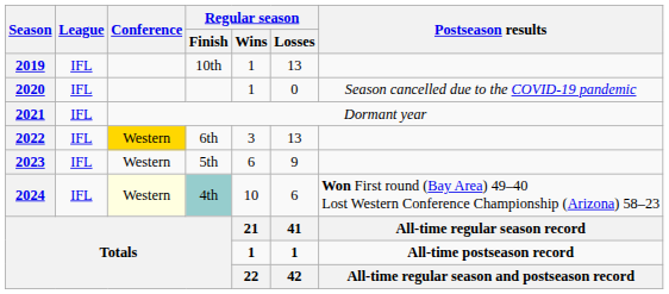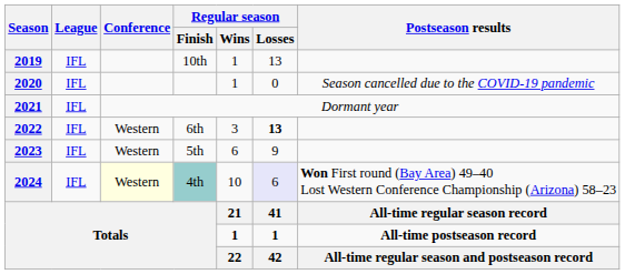 <table class="wikitable" style="text-align:center; font-size: 95%;">
 <tr>
 <th rowspan="2"><a href='#'>Season</a></th>
 <th rowspan="2"><a href='#'>League</a></th>
 <th rowspan="2"><a href='#'>Conference</a></th>
 <th colspan="3"><a href='#'>Regular season</a></th>
 <th rowspan="2"><a href='#'>Postseason</a> results</th>
 </tr>
 <tr>
 <th>Finish</th>
 <th>Wins</th>
 <th>Losses</th>
 </tr>
 <tr>
 <th><a href='#'>2019</a></th>
 <td><a href='#'>IFL</a></td>
 <td></td>
 <td>10th</td>
 <td>1</td>
 <td>13</td>
 <td></td>
 </tr>
 <tr>
 <th><a href='#'>2020</a></th>
 <td><a href='#'>IFL</a></td>
 <td></td>
 <td></td>
 <td>1</td>
 <td>0</td>
 <td><em>Season cancelled due to the <a href='#'>COVID-19 pandemic</a></em></td>
 </tr>
 <tr>
 <th><a href='#'>2021</a></th>
 <td><a href='#'>IFL</a></td>
 <td colspan="5"><em>Dormant year</em></td>
 </tr>
 <tr>
 <th><a href='#'>2022</a></th>
 <td><a href='#'>IFL</a></td>
-<td style="background: gold;">Western</td>
+<td>Western</td>
 <td>6th</td>
 <td>3</td>
-<td>13</td>
+<td><strong>13</strong></td>
 <td></td>
 </tr>
 <tr>
 <th><a href='#'>2023</a></th>
 <td><a href='#'>IFL</a></td>
 <td>Western</td>
 <td>5th</td>
 <td>6</td>
 <td>9</td>
 <td></td>
 </tr>
 <tr>
 <th><a href='#'>2024</a></th>
 <td><a href='#'>IFL</a></td>
 <td style="background: lightyellow;">Western</td>
 <td style="background:#96cdcd">4th</td>
 <td>10</td>
-<td>6</td>
+<td style="background: lavender;">6</td>
 <td align=left><strong>Won</strong> First round (<a href='#'>Bay Area</a>) 49–40<br>Lost Western Conference Championship (<a href='#'>Arizona</a>) 58–23</td>
 </tr>
 <tr>
 <th rowspan="4" colspan="4">Totals</th>
 <th>21</th>
 <th>41</th>
 <th>All-time regular season record</th>
 </tr>
 <tr>
 <td><strong>1</strong></td>
 <td><strong>1</strong></td>
 <td><strong>All-time postseason record</strong></td>
 </tr>
 <tr>
 <th>22</th>
 <th>42</th>
 <th>All-time regular season and postseason record</th>
 </tr>
 </table>
